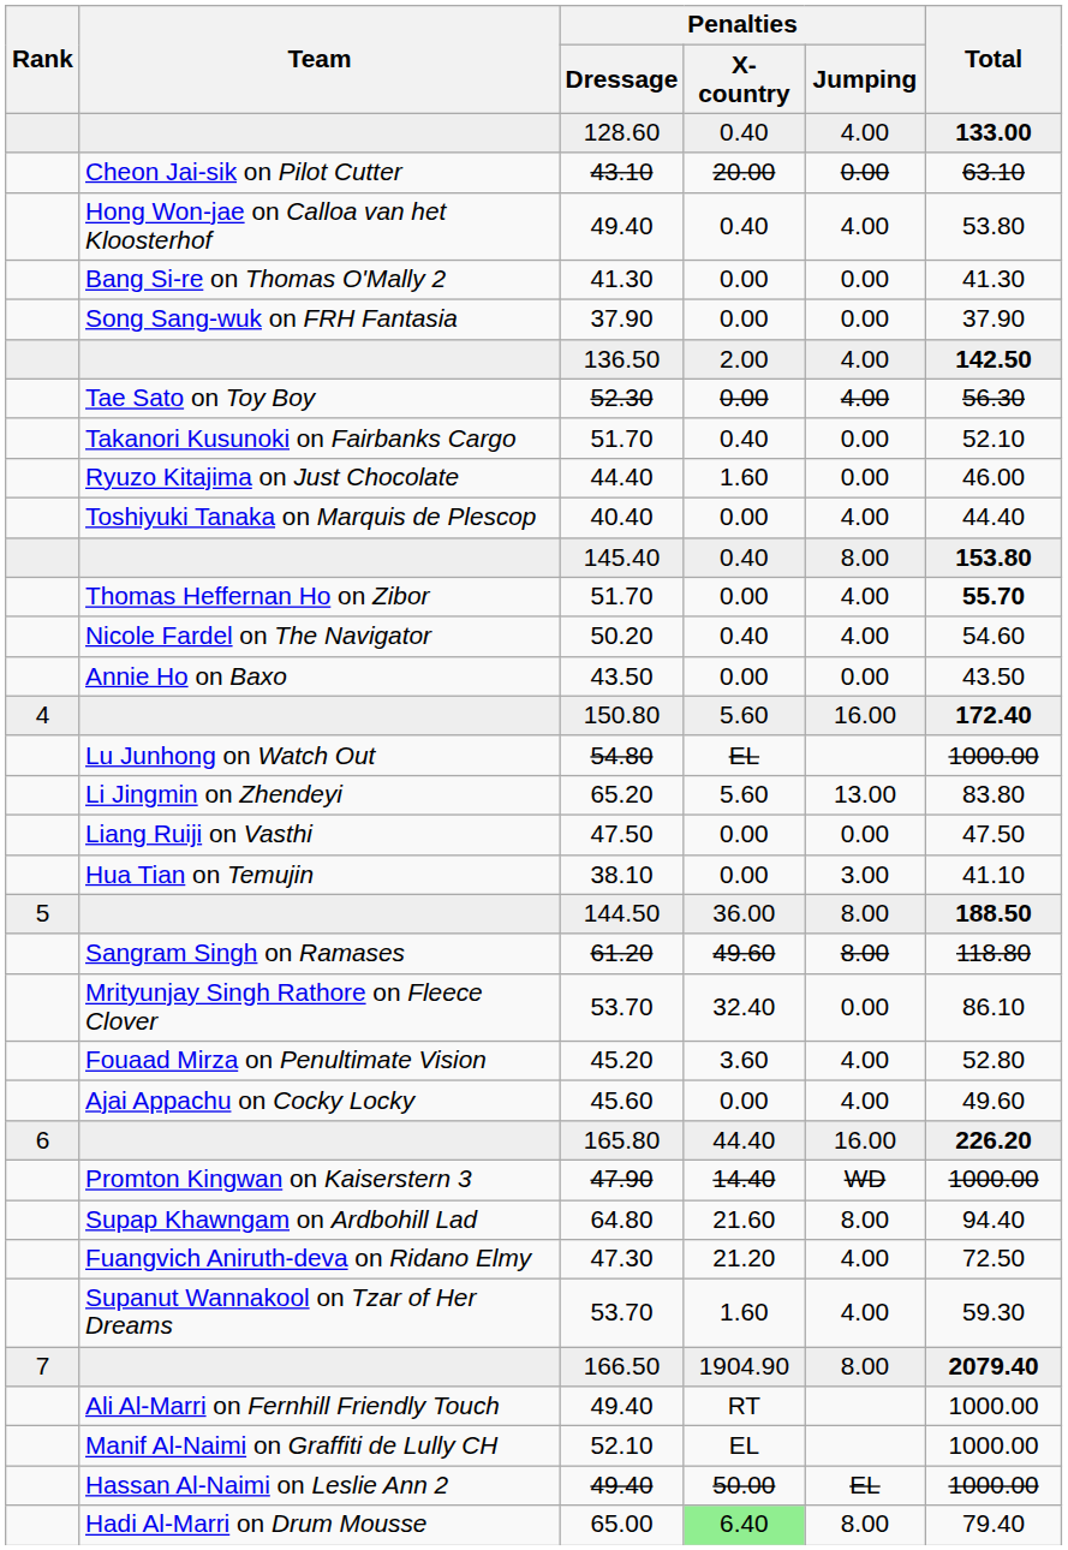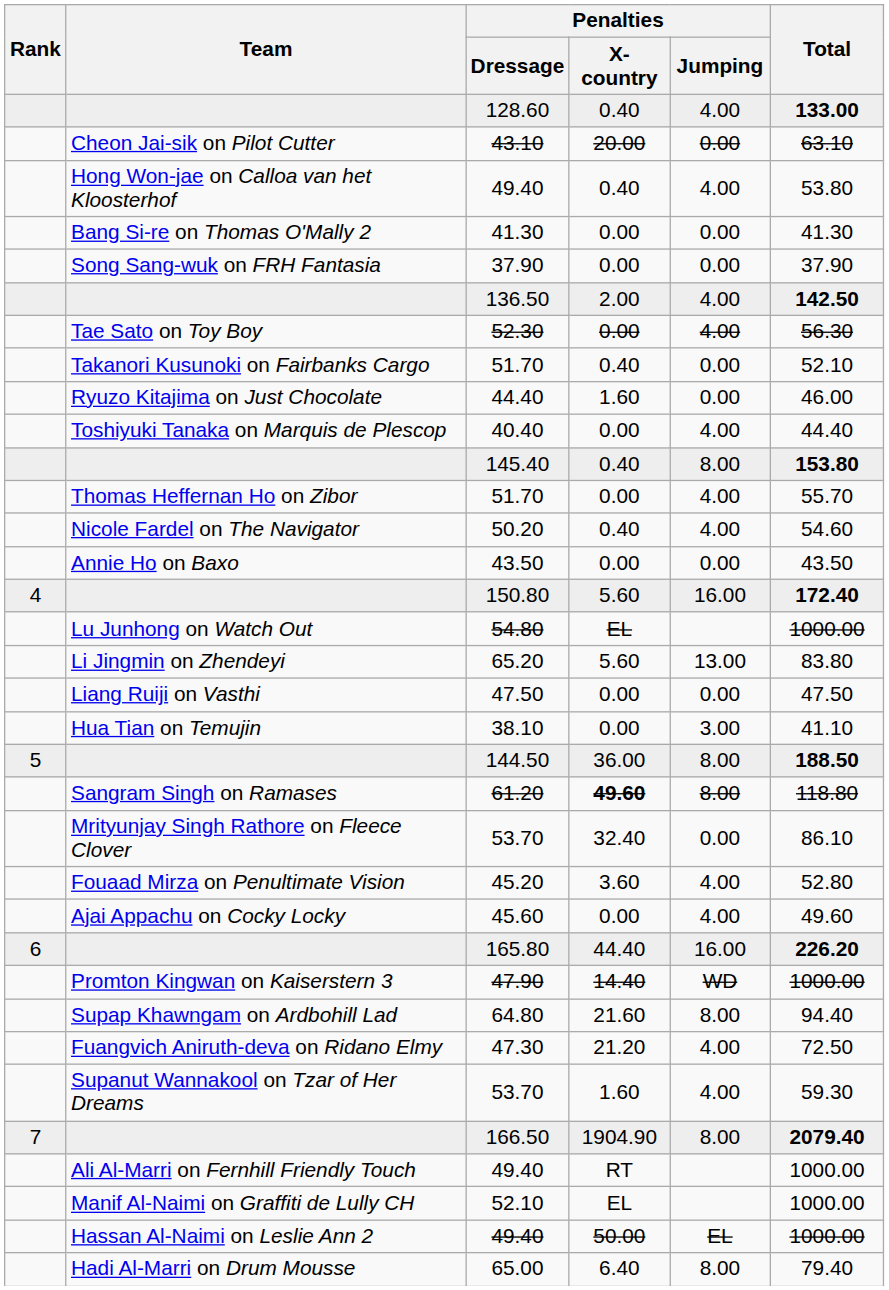 <table class=wikitable style="text-align:center">
 <tr>
 <th rowspan=2 width=40>Rank</th>
 <th rowspan=2 width=300>Team</th>
 <th colspan=3>Penalties</th>
 <th rowspan=2 width=80>Total</th>
 </tr>
 <tr>
 <th width=70>Dressage</th>
 <th width=70>X-country</th>
 <th width=70>Jumping</th>
 </tr>
 <tr bgcolor=eeeeee>
 <td></td>
 <td align=left></td>
 <td>128.60</td>
 <td>0.40</td>
 <td>4.00</td>
 <td><strong>133.00</strong></td>
 </tr>
 <tr>
 <td></td>
 <td align=left><a href='#'>Cheon Jai-sik</a> on <em>Pilot Cutter</em></td>
 <td><s>43.10</s></td>
 <td><s>20.00</s></td>
 <td><s>0.00</s></td>
 <td><s>63.10</s></td>
 </tr>
 <tr>
 <td></td>
 <td align=left><a href='#'>Hong Won-jae</a> on <em>Calloa van het Kloosterhof</em></td>
 <td>49.40</td>
 <td>0.40</td>
 <td>4.00</td>
 <td>53.80</td>
 </tr>
 <tr>
 <td></td>
 <td align=left><a href='#'>Bang Si-re</a> on <em>Thomas O'Mally 2</em></td>
 <td>41.30</td>
 <td>0.00</td>
 <td>0.00</td>
 <td>41.30</td>
 </tr>
 <tr>
 <td></td>
 <td align=left><a href='#'>Song Sang-wuk</a> on <em>FRH Fantasia</em></td>
 <td>37.90</td>
 <td>0.00</td>
 <td>0.00</td>
 <td>37.90</td>
 </tr>
 <tr bgcolor=eeeeee>
 <td></td>
 <td align=left></td>
 <td>136.50</td>
 <td>2.00</td>
 <td>4.00</td>
 <td><strong>142.50</strong></td>
 </tr>
 <tr>
 <td></td>
 <td align=left><a href='#'>Tae Sato</a> on <em>Toy Boy</em></td>
 <td><s>52.30</s></td>
 <td><s>0.00</s></td>
 <td><s>4.00</s></td>
 <td><s>56.30</s></td>
 </tr>
 <tr>
 <td></td>
 <td align=left><a href='#'>Takanori Kusunoki</a> on <em>Fairbanks Cargo</em></td>
 <td>51.70</td>
 <td>0.40</td>
 <td>0.00</td>
 <td>52.10</td>
 </tr>
 <tr>
 <td></td>
 <td align=left><a href='#'>Ryuzo Kitajima</a> on <em>Just Chocolate</em></td>
 <td>44.40</td>
 <td>1.60</td>
 <td>0.00</td>
 <td>46.00</td>
 </tr>
 <tr>
 <td></td>
 <td align=left><a href='#'>Toshiyuki Tanaka</a> on <em>Marquis de Plescop</em></td>
 <td>40.40</td>
 <td>0.00</td>
 <td>4.00</td>
 <td>44.40</td>
 </tr>
 <tr bgcolor=eeeeee>
 <td></td>
 <td align=left></td>
 <td>145.40</td>
 <td>0.40</td>
 <td>8.00</td>
 <td><strong>153.80</strong></td>
 </tr>
 <tr>
 <td></td>
 <td align=left><a href='#'>Thomas Heffernan Ho</a> on <em>Zibor</em></td>
 <td>51.70</td>
 <td>0.00</td>
 <td>4.00</td>
-<td><strong>55.70</strong></td>
+<td>55.70</td>
 </tr>
 <tr>
 <td></td>
 <td align=left><a href='#'>Nicole Fardel</a> on <em>The Navigator</em></td>
 <td>50.20</td>
 <td>0.40</td>
 <td>4.00</td>
 <td>54.60</td>
 </tr>
 <tr>
 <td></td>
 <td align=left><a href='#'>Annie Ho</a> on <em>Baxo</em></td>
 <td>43.50</td>
 <td>0.00</td>
 <td>0.00</td>
 <td>43.50</td>
 </tr>
 <tr bgcolor=eeeeee>
 <td>4</td>
 <td align=left></td>
 <td>150.80</td>
 <td>5.60</td>
 <td>16.00</td>
 <td><strong>172.40</strong></td>
 </tr>
 <tr>
 <td></td>
 <td align=left><a href='#'>Lu Junhong</a> on <em>Watch Out</em></td>
 <td><s>54.80</s></td>
 <td><s>EL</s></td>
 <td></td>
 <td><s>1000.00</s></td>
 </tr>
 <tr>
 <td></td>
 <td align=left><a href='#'>Li Jingmin</a> on <em>Zhendeyi</em></td>
 <td>65.20</td>
 <td>5.60</td>
 <td>13.00</td>
 <td>83.80</td>
 </tr>
 <tr>
 <td></td>
 <td align=left><a href='#'>Liang Ruiji</a> on <em>Vasthi</em></td>
 <td>47.50</td>
 <td>0.00</td>
 <td>0.00</td>
 <td>47.50</td>
 </tr>
 <tr>
 <td></td>
 <td align=left><a href='#'>Hua Tian</a> on <em>Temujin</em></td>
 <td>38.10</td>
 <td>0.00</td>
 <td>3.00</td>
 <td>41.10</td>
 </tr>
 <tr bgcolor=eeeeee>
 <td>5</td>
 <td align=left></td>
 <td>144.50</td>
 <td>36.00</td>
 <td>8.00</td>
 <td><strong>188.50</strong></td>
 </tr>
 <tr>
 <td></td>
 <td align=left><a href='#'>Sangram Singh</a> on <em>Ramases</em></td>
 <td><s>61.20</s></td>
-<td><s>49.60</s></td>
+<td><strong><s>49.60</s></strong></td>
 <td><s>8.00</s></td>
 <td><s>118.80</s></td>
 </tr>
 <tr>
 <td></td>
 <td align=left><a href='#'>Mrityunjay Singh Rathore</a> on <em>Fleece Clover</em></td>
 <td>53.70</td>
 <td>32.40</td>
 <td>0.00</td>
 <td>86.10</td>
 </tr>
 <tr>
 <td></td>
 <td align=left><a href='#'>Fouaad Mirza</a> on <em>Penultimate Vision</em></td>
 <td>45.20</td>
 <td>3.60</td>
 <td>4.00</td>
 <td>52.80</td>
 </tr>
 <tr>
 <td></td>
 <td align=left><a href='#'>Ajai Appachu</a> on <em>Cocky Locky</em></td>
 <td>45.60</td>
 <td>0.00</td>
 <td>4.00</td>
 <td>49.60</td>
 </tr>
 <tr bgcolor=eeeeee>
 <td>6</td>
 <td align=left></td>
 <td>165.80</td>
 <td>44.40</td>
 <td>16.00</td>
 <td><strong>226.20</strong></td>
 </tr>
 <tr>
 <td></td>
 <td align=left><a href='#'>Promton Kingwan</a> on <em>Kaiserstern 3</em></td>
 <td><s>47.90</s></td>
 <td><s>14.40</s></td>
 <td><s>WD</s></td>
 <td><s>1000.00</s></td>
 </tr>
 <tr>
 <td></td>
 <td align=left><a href='#'>Supap Khawngam</a> on <em>Ardbohill Lad</em></td>
 <td>64.80</td>
 <td>21.60</td>
 <td>8.00</td>
 <td>94.40</td>
 </tr>
 <tr>
 <td></td>
 <td align=left><a href='#'>Fuangvich Aniruth-deva</a> on <em>Ridano Elmy</em></td>
 <td>47.30</td>
 <td>21.20</td>
 <td>4.00</td>
 <td>72.50</td>
 </tr>
 <tr>
 <td></td>
 <td align=left><a href='#'>Supanut Wannakool</a> on <em>Tzar of Her Dreams</em></td>
 <td>53.70</td>
 <td>1.60</td>
 <td>4.00</td>
 <td>59.30</td>
 </tr>
 <tr bgcolor=eeeeee>
 <td>7</td>
 <td align=left></td>
 <td>166.50</td>
 <td>1904.90</td>
 <td>8.00</td>
 <td><strong>2079.40</strong></td>
 </tr>
 <tr>
 <td></td>
 <td align=left><a href='#'>Ali Al-Marri</a> on <em>Fernhill Friendly Touch</em></td>
 <td>49.40</td>
 <td>RT</td>
 <td></td>
 <td>1000.00</td>
 </tr>
 <tr>
 <td></td>
 <td align=left><a href='#'>Manif Al-Naimi</a> on <em>Graffiti de Lully CH</em></td>
 <td>52.10</td>
 <td>EL</td>
 <td></td>
 <td>1000.00</td>
 </tr>
 <tr>
 <td></td>
 <td align=left><a href='#'>Hassan Al-Naimi</a> on <em>Leslie Ann 2</em></td>
 <td><s>49.40</s></td>
 <td><s>50.00</s></td>
 <td><s>EL</s></td>
 <td><s>1000.00</s></td>
 </tr>
 <tr>
 <td></td>
 <td align=left><a href='#'>Hadi Al-Marri</a> on <em>Drum Mousse</em></td>
 <td>65.00</td>
-<td style="background: lightgreen;">6.40</td>
+<td>6.40</td>
 <td>8.00</td>
 <td>79.40</td>
 </tr>
 </table>
